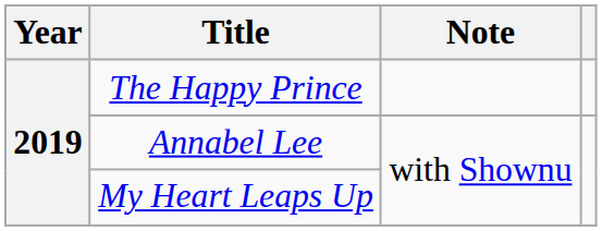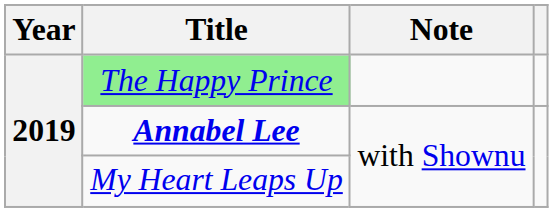 <table class="wikitable sortable plainrowheaders" style="text-align: center;">
 <tr>
 <th scope="col">Year</th>
 <th scope="col">Title</th>
 <th scope="col">Note</th>
 <th scope="col" class="unsortable"></th>
 </tr>
 <tr>
 <th scope="row" rowspan="3">2019</th>
-<td><em><a href='#'>The Happy Prince</a></em></td>
+<td style="background: lightgreen;"><em><a href='#'>The Happy Prince</a></em></td>
 <td></td>
 <td></td>
 </tr>
 <tr>
-<td><em><a href='#'>Annabel Lee</a></em></td>
+<td><strong><em><a href='#'>Annabel Lee</a></em></strong></td>
 <td rowspan="2">with <a href='#'>Shownu</a></td>
 <td rowspan="2"></td>
 </tr>
 <tr>
 <td><em><a href='#'>My Heart Leaps Up</a></em></td>
 </tr>
 </table>
